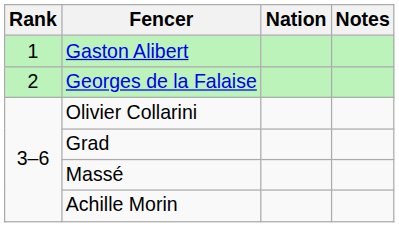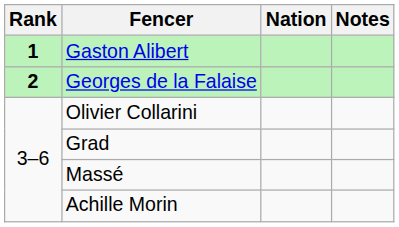 <table class="wikitable sortable" style="text-align:center">
 <tr>
 <th>Rank</th>
 <th>Fencer</th>
 <th>Nation</th>
 <th>Notes</th>
 </tr>
 <tr bgcolor=bbf3bb>
-<td>1</td>
+<td><strong>1</strong></td>
 <td align=left><a href='#'>Gaston Alibert</a></td>
 <td align=left></td>
 <td></td>
 </tr>
 <tr bgcolor=bbf3bb>
-<td>2</td>
+<td><strong>2</strong></td>
 <td align=left><a href='#'>Georges de la Falaise</a></td>
 <td align=left></td>
 <td></td>
 </tr>
 <tr>
 <td rowspan=4 align=center>3–6</td>
 <td align=left>Olivier Collarini</td>
 <td align=left></td>
 <td></td>
 </tr>
 <tr>
 <td align=left>Grad</td>
 <td align=left></td>
 <td></td>
 </tr>
 <tr>
 <td align=left>Massé</td>
 <td align=left></td>
 <td></td>
 </tr>
 <tr>
 <td align=left>Achille Morin</td>
 <td align=left></td>
 <td></td>
 </tr>
 </table>
